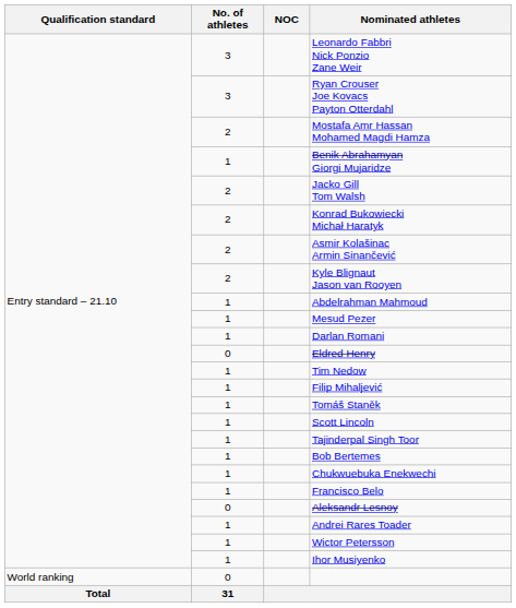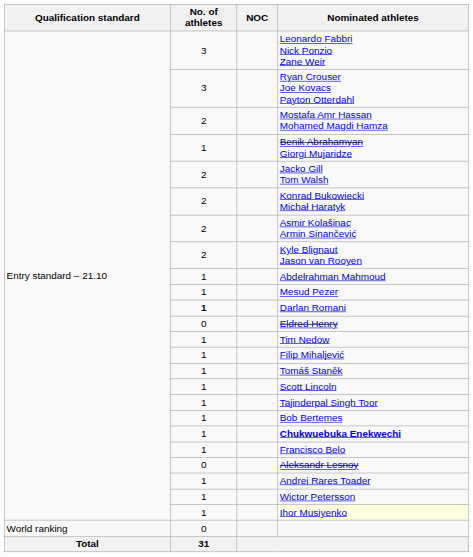 <table class="wikitable" style="text-align:left; width:750px;">
 <tr>
 <th>Qualification standard</th>
 <th width=100>No. of athletes</th>
 <th>NOC</th>
 <th>Nominated athletes</th>
 </tr>
 <tr>
 <td rowspan=24>Entry standard – 21.10</td>
 <td align=center>3</td>
 <td></td>
 <td><a href='#'>Leonardo Fabbri</a> <br> <a href='#'>Nick Ponzio</a> <br> <a href='#'>Zane Weir</a></td>
 </tr>
 <tr>
 <td align=center>3</td>
 <td></td>
 <td><a href='#'>Ryan Crouser</a><br><a href='#'>Joe Kovacs</a><br><a href='#'>Payton Otterdahl</a></td>
 </tr>
 <tr>
 <td align=center>2</td>
 <td></td>
 <td><a href='#'>Mostafa Amr Hassan</a> <br> <a href='#'>Mohamed Magdi Hamza</a></td>
 </tr>
 <tr>
 <td align=center>1</td>
 <td></td>
 <td><s><a href='#'>Benik Abrahamyan</a></s><br><a href='#'>Giorgi Mujaridze</a></td>
 </tr>
 <tr>
 <td align=center>2</td>
 <td></td>
 <td><a href='#'>Jacko Gill</a><br><a href='#'>Tom Walsh</a></td>
 </tr>
 <tr>
 <td align=center>2</td>
 <td></td>
 <td><a href='#'>Konrad Bukowiecki</a><br><a href='#'>Michał Haratyk</a></td>
 </tr>
 <tr>
 <td align=center>2</td>
 <td></td>
 <td><a href='#'>Asmir Kolašinac</a><br><a href='#'>Armin Sinančević</a></td>
 </tr>
 <tr>
 <td align=center>2</td>
 <td></td>
 <td><a href='#'>Kyle Blignaut</a><br><a href='#'>Jason van Rooyen</a></td>
 </tr>
 <tr>
 <td align=center>1</td>
 <td></td>
 <td><a href='#'>Abdelrahman Mahmoud</a></td>
 </tr>
 <tr>
 <td align=center>1</td>
 <td></td>
 <td><a href='#'>Mesud Pezer</a></td>
 </tr>
 <tr>
-<td align=center>1</td>
+<td align=center><strong>1</strong></td>
 <td></td>
 <td><a href='#'>Darlan Romani</a></td>
 </tr>
 <tr>
 <td align=center>0</td>
 <td></td>
 <td><s><a href='#'>Eldred Henry</a></s></td>
 </tr>
 <tr>
 <td align=center>1</td>
 <td></td>
 <td><a href='#'>Tim Nedow</a></td>
 </tr>
 <tr>
 <td align=center>1</td>
 <td></td>
 <td><a href='#'>Filip Mihaljević</a></td>
 </tr>
 <tr>
 <td align=center>1</td>
 <td></td>
 <td><a href='#'>Tomáš Staněk</a></td>
 </tr>
 <tr>
 <td align=center>1</td>
 <td></td>
 <td><a href='#'>Scott Lincoln</a></td>
 </tr>
 <tr>
 <td align=center>1</td>
 <td></td>
 <td><a href='#'>Tajinderpal Singh Toor</a></td>
 </tr>
 <tr>
 <td align=center>1</td>
 <td></td>
 <td><a href='#'>Bob Bertemes</a></td>
 </tr>
 <tr>
 <td align=center>1</td>
 <td></td>
-<td><a href='#'>Chukwuebuka Enekwechi</a></td>
+<td><strong><a href='#'>Chukwuebuka Enekwechi</a></strong></td>
 </tr>
 <tr>
 <td align=center>1</td>
 <td></td>
 <td><a href='#'>Francisco Belo</a></td>
 </tr>
 <tr>
 <td align=center>0</td>
 <td></td>
 <td><s><a href='#'>Aleksandr Lesnoy</a></s></td>
 </tr>
 <tr>
 <td align=center>1</td>
 <td></td>
 <td><a href='#'>Andrei Rares Toader</a></td>
 </tr>
 <tr>
 <td align=center>1</td>
 <td></td>
 <td><a href='#'>Wictor Petersson</a></td>
 </tr>
 <tr>
 <td align=center>1</td>
 <td></td>
-<td><a href='#'>Ihor Musiyenko</a></td>
+<td style="background: lightyellow;"><a href='#'>Ihor Musiyenko</a></td>
 </tr>
 <tr>
 <td>World ranking</td>
 <td align=center>0</td>
 <td></td>
 <td></td>
 </tr>
 <tr>
 <th>Total</th>
 <th>31</th>
 <th colspan=2></th>
 </tr>
 </table>
